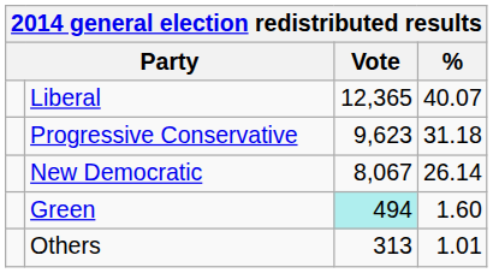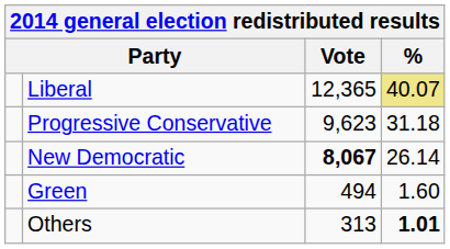 <table class="wikitable">
 <tr>
 <th colspan="4"><a href='#'>2014 general election</a> redistributed results</th>
 </tr>
 <tr>
 <th bgcolor="#DDDDFF" width="130px" colspan="2">Party</th>
 <th bgcolor="#DDDDFF" width="50px">Vote</th>
 <th bgcolor="#DDDDFF" width="30px">%</th>
 </tr>
 <tr>
 <td> </td>
 <td><a href='#'>Liberal</a></td>
 <td align=right>12,365</td>
-<td align=right>40.07</td>
+<td align=right style="background: khaki;">40.07</td>
 </tr>
 <tr>
 <td> </td>
 <td><a href='#'>Progressive Conservative</a></td>
 <td align=right>9,623</td>
 <td align=right>31.18</td>
 </tr>
 <tr>
 <td> </td>
 <td><a href='#'>New Democratic</a></td>
-<td align=right>8,067</td>
+<td align=right><strong>8,067</strong></td>
 <td align=right>26.14</td>
 </tr>
 <tr>
 <td> </td>
 <td><a href='#'>Green</a></td>
-<td align=right style="background: paleturquoise;">494</td>
+<td align=right>494</td>
 <td align=right>1.60</td>
 </tr>
 <tr>
 <td> </td>
 <td>Others</td>
 <td align=right>313</td>
-<td align=right>1.01</td>
+<td align=right><strong>1.01</strong></td>
 </tr>
 </table>
